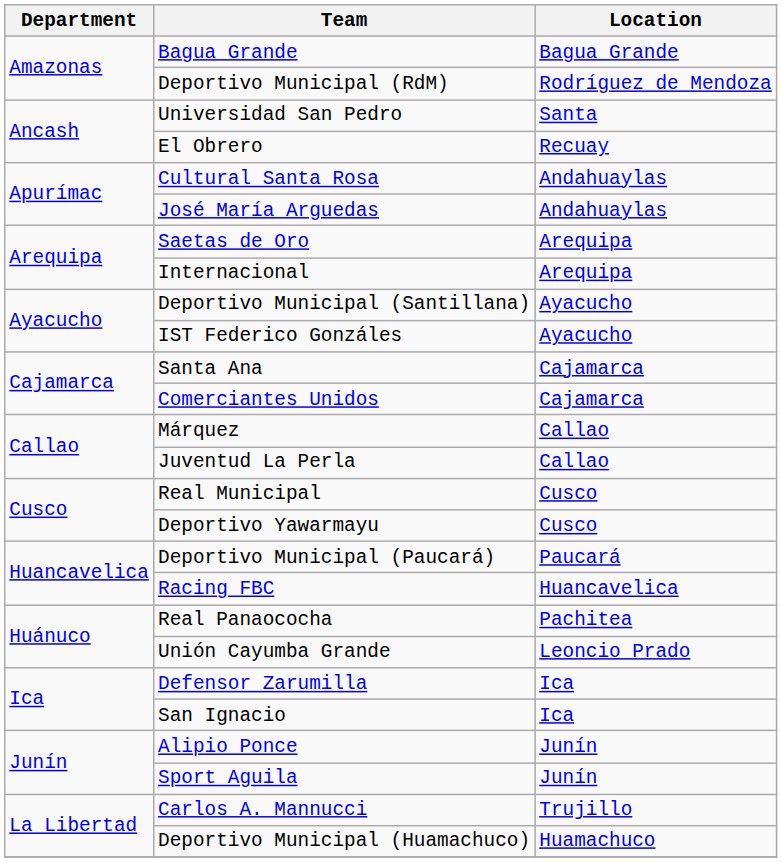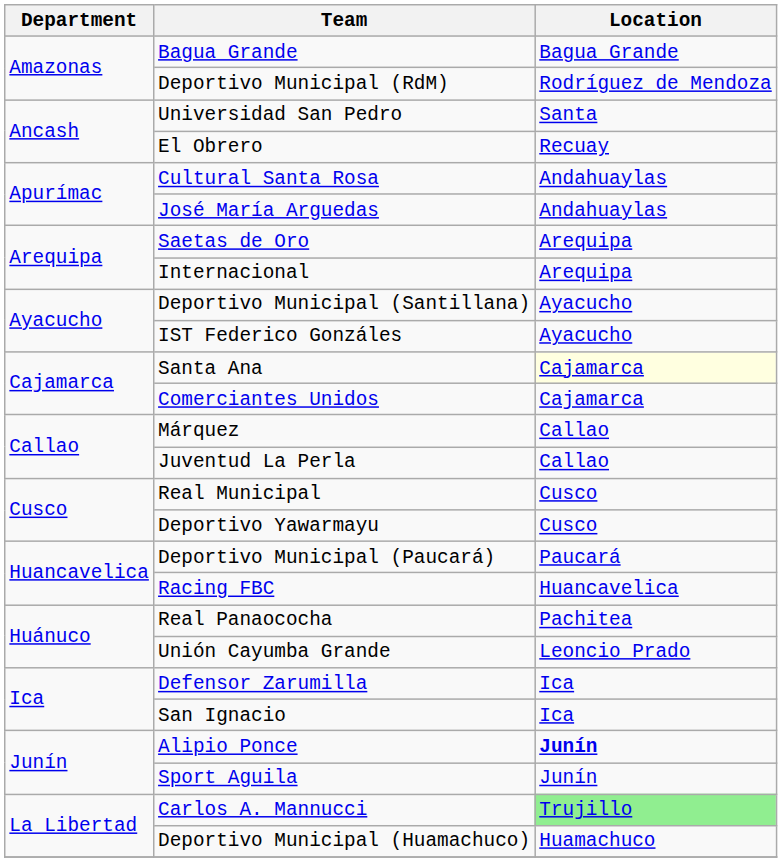 <table class="wikitable">
 <tr>
 <th>Department</th>
 <th>Team</th>
 <th>Location</th>
 </tr>
 <tr>
 <td rowspan="2"><a href='#'>Amazonas</a></td>
 <td><a href='#'>Bagua Grande</a></td>
 <td><a href='#'>Bagua Grande</a></td>
 </tr>
 <tr>
 <td>Deportivo Municipal (RdM)</td>
 <td><a href='#'>Rodríguez de Mendoza</a></td>
 </tr>
 <tr>
 <td rowspan="2"><a href='#'>Ancash</a></td>
 <td>Universidad San Pedro</td>
 <td><a href='#'>Santa</a></td>
 </tr>
 <tr>
 <td>El Obrero</td>
 <td><a href='#'>Recuay</a></td>
 </tr>
 <tr>
 <td rowspan="2"><a href='#'>Apurímac</a></td>
 <td><a href='#'>Cultural Santa Rosa</a></td>
 <td><a href='#'>Andahuaylas</a></td>
 </tr>
 <tr>
 <td><a href='#'>José María Arguedas</a></td>
 <td><a href='#'>Andahuaylas</a></td>
 </tr>
 <tr>
 <td rowspan="2"><a href='#'>Arequipa</a></td>
 <td><a href='#'>Saetas de Oro</a></td>
 <td><a href='#'>Arequipa</a></td>
 </tr>
 <tr>
 <td>Internacional</td>
 <td><a href='#'>Arequipa</a></td>
 </tr>
 <tr>
 <td rowspan="2"><a href='#'>Ayacucho</a></td>
 <td>Deportivo Municipal (Santillana)</td>
 <td><a href='#'>Ayacucho</a></td>
 </tr>
 <tr>
 <td>IST Federico Gonzáles</td>
 <td><a href='#'>Ayacucho</a></td>
 </tr>
 <tr>
 <td rowspan="2"><a href='#'>Cajamarca</a></td>
 <td>Santa Ana</td>
-<td><a href='#'>Cajamarca</a></td>
+<td style="background: lightyellow;"><a href='#'>Cajamarca</a></td>
 </tr>
 <tr>
 <td><a href='#'>Comerciantes Unidos</a></td>
 <td><a href='#'>Cajamarca</a></td>
 </tr>
 <tr>
 <td rowspan="2"><a href='#'>Callao</a></td>
 <td>Márquez</td>
 <td><a href='#'>Callao</a></td>
 </tr>
 <tr>
 <td>Juventud La Perla</td>
 <td><a href='#'>Callao</a></td>
 </tr>
 <tr>
 <td rowspan="2"><a href='#'>Cusco</a></td>
 <td>Real Municipal</td>
 <td><a href='#'>Cusco</a></td>
 </tr>
 <tr>
 <td>Deportivo Yawarmayu</td>
 <td><a href='#'>Cusco</a></td>
 </tr>
 <tr>
 <td rowspan="2"><a href='#'>Huancavelica</a></td>
 <td>Deportivo Municipal (Paucará)</td>
 <td><a href='#'>Paucará</a></td>
 </tr>
 <tr>
 <td><a href='#'>Racing FBC</a></td>
 <td><a href='#'>Huancavelica</a></td>
 </tr>
 <tr>
 <td rowspan="2"><a href='#'>Huánuco</a></td>
 <td>Real Panaococha</td>
 <td><a href='#'>Pachitea</a></td>
 </tr>
 <tr>
 <td>Unión Cayumba Grande</td>
 <td><a href='#'>Leoncio Prado</a></td>
 </tr>
 <tr>
 <td rowspan="2"><a href='#'>Ica</a></td>
 <td><a href='#'>Defensor Zarumilla</a></td>
 <td><a href='#'>Ica</a></td>
 </tr>
 <tr>
 <td>San Ignacio</td>
 <td><a href='#'>Ica</a></td>
 </tr>
 <tr>
 <td rowspan="2"><a href='#'>Junín</a></td>
 <td><a href='#'>Alipio Ponce</a></td>
-<td><a href='#'>Junín</a></td>
+<td><strong><a href='#'>Junín</a></strong></td>
 </tr>
 <tr>
 <td><a href='#'>Sport Aguila</a></td>
 <td><a href='#'>Junín</a></td>
 </tr>
 <tr>
 <td rowspan="2"><a href='#'>La Libertad</a></td>
 <td><a href='#'>Carlos A. Mannucci</a></td>
-<td><a href='#'>Trujillo</a></td>
+<td style="background: lightgreen;"><a href='#'>Trujillo</a></td>
 </tr>
 <tr>
 <td>Deportivo Municipal (Huamachuco)</td>
 <td><a href='#'>Huamachuco</a></td>
 </tr>
 <tr>
 </tr>
 </table>
